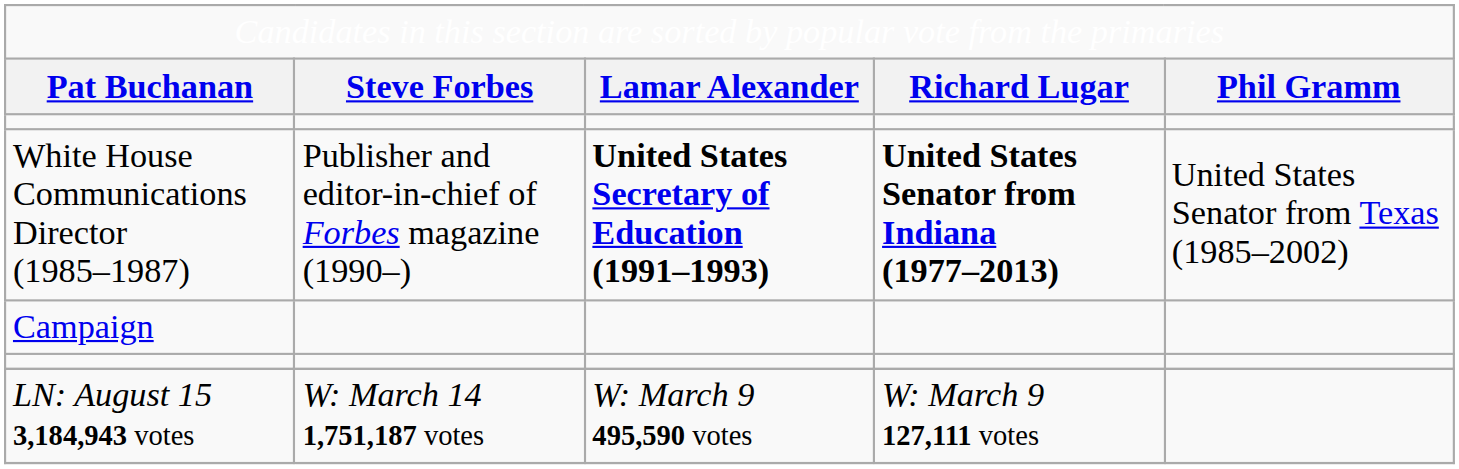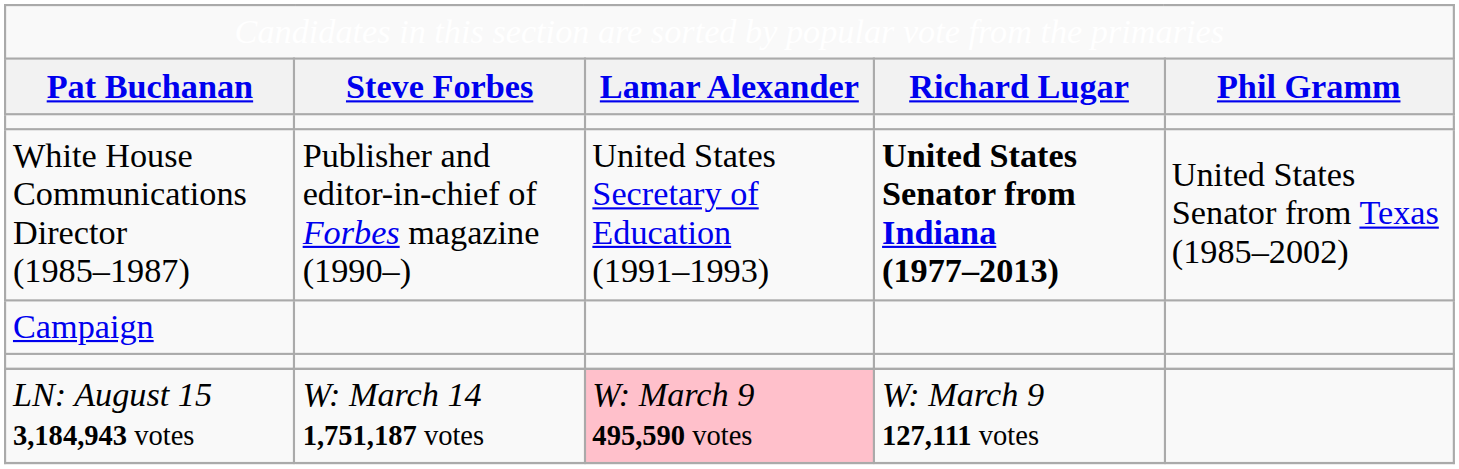 <table class="wikitable mw-collapsible mw-collapsed">
 <tr>
 <td colspan="7" style="text-align:center; color:white; background:"><em>Candidates in this section are sorted by popular vote from the primaries</em></td>
 </tr>
 <tr>
 <th scope="col" style="width:8em;"><a href='#'>Pat Buchanan</a></th>
 <th scope="col" style="width:8em;"><a href='#'>Steve Forbes</a></th>
 <th scope="col" style="width:8em;"><a href='#'>Lamar Alexander</a></th>
 <th scope="col" style="width:8em;"><a href='#'>Richard Lugar</a></th>
 <th scope="col" style="width:8em;"><a href='#'>Phil Gramm</a></th>
 </tr>
 <tr>
 <td></td>
 <td></td>
 <td></td>
 <td></td>
 <td></td>
 </tr>
 <tr>
 <td>White House Communications Director<br>(1985–1987)</td>
 <td>Publisher and editor-in-chief of <em><a href='#'>Forbes</a></em> magazine<br>(1990–)</td>
-<td><strong>United States <a href='#'>Secretary of Education</a><br>(1991–1993)</strong></td>
+<td>United States <a href='#'>Secretary of Education</a><br>(1991–1993)</td>
 <td><strong>United States Senator from <a href='#'>Indiana</a><br>(1977–2013)</strong></td>
 <td>United States Senator from <a href='#'>Texas</a><br>(1985–2002)</td>
 </tr>
 <tr>
 <td><a href='#'>Campaign</a></td>
 <td></td>
 <td></td>
 <td></td>
 <td></td>
 </tr>
 <tr>
 <td></td>
 <td></td>
 <td></td>
 <td></td>
 <td></td>
 </tr>
 <tr style="text-align:center">
 </tr>
 <tr>
 <td><em>LN: August 15</em><br><small><strong>3,184,943</strong> votes</small></td>
 <td><em>W: March 14</em><br><small><strong>1,751,187</strong> votes</small></td>
-<td><em>W: March 9</em><br><small><strong>495,590</strong> votes</small></td>
+<td style="background: pink;"><em>W: March 9</em><br><small><strong>495,590</strong> votes</small></td>
 <td><em>W: March 9</em><br><small><strong>127,111</strong> votes</small></td>
 <td></td>
 </tr>
 <tr>
 </tr>
 </table>
